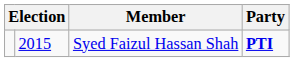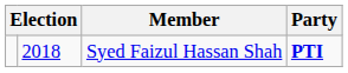 <table class="wikitable">
 <tr>
 <th colspan="2">Election</th>
 <th>Member</th>
 <th>Party</th>
 </tr>
 <tr>
 <td style="background-color: "></td>
-<td><a href='#'>2015</a></td>
+<td><a href='#'>2018</a></td>
 <td><a href='#'>Syed Faizul Hassan Shah</a></td>
 <td><strong><a href='#'>PTI</a></strong></td>
 </tr>
 </table>
